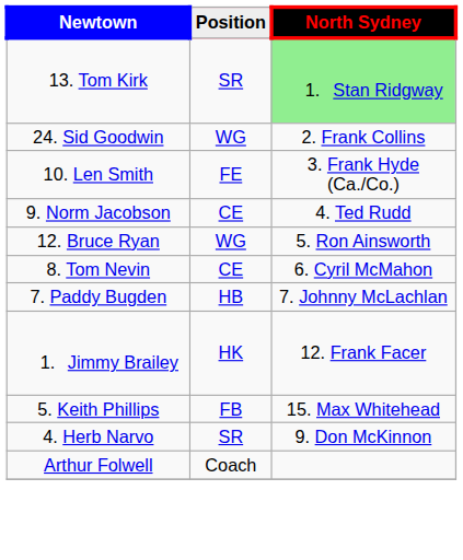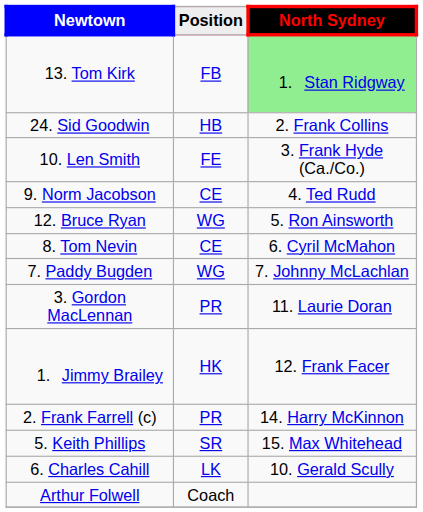 <table align="right" class="wikitable" style="font-size:90%; margin-left:1em">
 <tr bgcolor="#FF0033">
 <th style="width:140px; border:3px solid blue; background: blue; color: white">Newtown</th>
 <th style="width:40px; text-align:center; background:#eee; color:black;">Position</th>
 <th style="width:140px; border:3px solid red; background: black; color: red">North Sydney</th>
 </tr>
 <tr align=center>
 <td>13. <a href='#'>Tom Kirk</a></td>
-<td><a href='#'>SR</a></td>
+<td><a href='#'>FB</a></td>
 <td style="background: lightgreen;"><br><ol><li><a href='#'>Stan Ridgway</a></li></ol></td>
 </tr>
 <tr align=center>
 <td>24. <a href='#'>Sid Goodwin</a></td>
-<td><a href='#'>WG</a></td>
+<td><a href='#'>HB</a></td>
 <td>2. <a href='#'>Frank Collins</a></td>
 </tr>
 <tr align=center>
 <td>10. <a href='#'>Len Smith</a></td>
 <td><a href='#'>FE</a></td>
 <td>3. <a href='#'>Frank Hyde</a> (Ca./Co.)</td>
 </tr>
 <tr align=center>
 <td>9. <a href='#'>Norm Jacobson</a></td>
 <td><a href='#'>CE</a></td>
 <td>4. <a href='#'>Ted Rudd</a></td>
 </tr>
 <tr align=center>
 <td>12. <a href='#'>Bruce Ryan</a></td>
 <td><a href='#'>WG</a></td>
 <td>5. <a href='#'>Ron Ainsworth</a></td>
 </tr>
 <tr align=center>
 <td>8. <a href='#'>Tom Nevin</a></td>
 <td><a href='#'>CE</a></td>
 <td>6. <a href='#'>Cyril McMahon</a></td>
 </tr>
 <tr align=center>
 <td>7. <a href='#'>Paddy Bugden</a></td>
-<td><a href='#'>HB</a></td>
+<td><a href='#'>WG</a></td>
 <td>7. <a href='#'>Johnny McLachlan</a></td>
+</tr>
+<tr align=center>
+<td>3. <a href='#'>Gordon MacLennan</a></td>
+<td><a href='#'>PR</a></td>
+<td>11. <a href='#'>Laurie Doran</a></td>
 </tr>
 <tr align=center>
 <td><br><ol><li><a href='#'>Jimmy Brailey</a></li></ol></td>
 <td><a href='#'>HK</a></td>
 <td>12. <a href='#'>Frank Facer</a></td>
 </tr>
 <tr align=center>
+<td>2. <a href='#'>Frank Farrell</a> (c)</td>
+<td><a href='#'>PR</a></td>
+<td>14. <a href='#'>Harry McKinnon</a></td>
+</tr>
+<tr align=center>
 <td>5. <a href='#'>Keith Phillips</a></td>
-<td><a href='#'>FB</a></td>
+<td><a href='#'>SR</a></td>
 <td>15. <a href='#'>Max Whitehead</a></td>
 </tr>
 <tr align=center>
-<td>4. <a href='#'>Herb Narvo</a></td>
-<td><a href='#'>SR</a></td>
-<td>9. <a href='#'>Don McKinnon</a></td>
+<td>6. <a href='#'>Charles Cahill</a></td>
+<td><a href='#'>LK</a></td>
+<td>10. <a href='#'>Gerald Scully</a></td>
 </tr>
 <tr align=center>
 <td><a href='#'>Arthur Folwell</a></td>
 <td>Coach</td>
 <td></td>
 </tr>
 <tr>
 </tr>
 </table>
